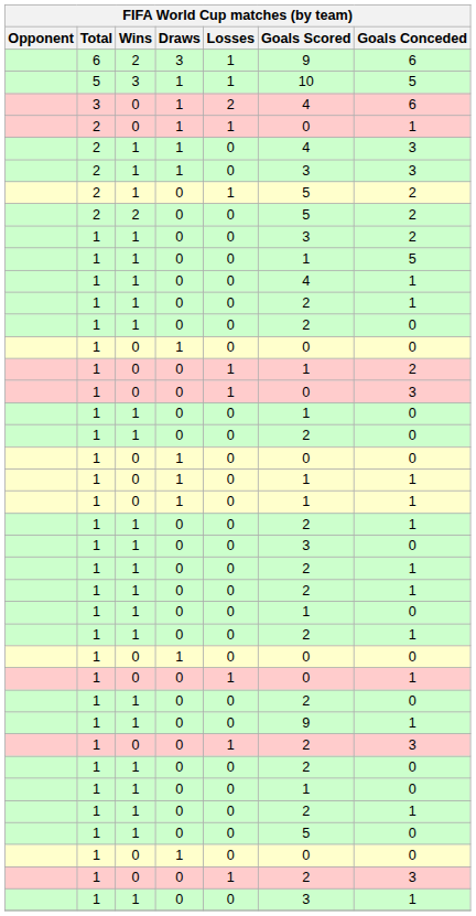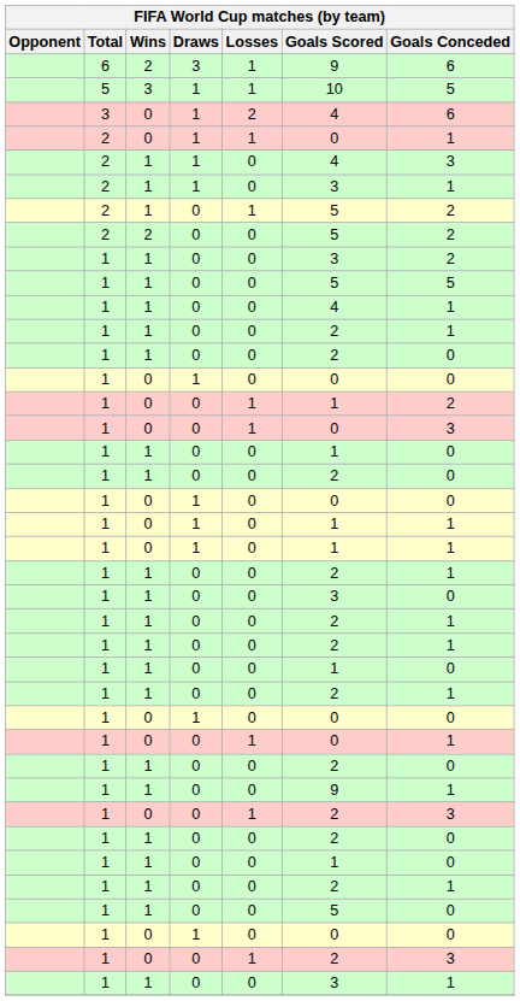 <table class="wikitable sortable" style="text-align: center;">
 <tr>
 <th colspan=7>FIFA World Cup matches (by team)</th>
 </tr>
 <tr>
 <th>Opponent</th>
 <th>Total</th>
 <th>Wins</th>
 <th>Draws</th>
 <th>Losses</th>
 <th>Goals Scored</th>
 <th>Goals Conceded</th>
 </tr>
 <tr bgcolor=#CCFFCC>
 <td align="left"></td>
 <td>6</td>
 <td>2</td>
 <td>3</td>
 <td>1</td>
 <td>9</td>
 <td>6</td>
 </tr>
 <tr bgcolor=#CCFFCC>
 <td align="left"></td>
 <td>5</td>
 <td>3</td>
 <td>1</td>
 <td>1</td>
 <td>10</td>
 <td>5</td>
 </tr>
 <tr bgcolor=#FFCCCC>
 <td align="left"></td>
 <td>3</td>
 <td>0</td>
 <td>1</td>
 <td>2</td>
 <td>4</td>
 <td>6</td>
 </tr>
 <tr bgcolor=#FFCCCC>
 <td align="left"></td>
 <td>2</td>
 <td>0</td>
 <td>1</td>
 <td>1</td>
 <td>0</td>
 <td>1</td>
 </tr>
 <tr bgcolor=#CCFFCC>
 <td align="left"></td>
 <td>2</td>
 <td>1</td>
 <td>1</td>
 <td>0</td>
 <td>4</td>
 <td>3</td>
 </tr>
 <tr bgcolor=#CCFFCC>
 <td align="left"></td>
 <td>2</td>
 <td>1</td>
 <td>1</td>
 <td>0</td>
 <td>3</td>
-<td>3</td>
+<td>1</td>
 </tr>
 <tr bgcolor=#FFFFCC>
 <td align="left"></td>
 <td>2</td>
 <td>1</td>
 <td>0</td>
 <td>1</td>
 <td>5</td>
 <td>2</td>
 </tr>
 <tr bgcolor=#CCFFCC>
 <td align="left"></td>
 <td>2</td>
 <td>2</td>
 <td>0</td>
 <td>0</td>
 <td>5</td>
 <td>2</td>
 </tr>
 <tr bgcolor=#CCFFCC>
 <td align="left"></td>
 <td>1</td>
 <td>1</td>
 <td>0</td>
 <td>0</td>
 <td>3</td>
 <td>2</td>
 </tr>
 <tr bgcolor=#CCFFCC>
 <td align="left"></td>
 <td>1</td>
 <td>1</td>
 <td>0</td>
 <td>0</td>
-<td>1</td>
+<td>5</td>
 <td>5</td>
 </tr>
 <tr bgcolor=#CCFFCC>
 <td align="left"></td>
 <td>1</td>
 <td>1</td>
 <td>0</td>
 <td>0</td>
 <td>4</td>
 <td>1</td>
 </tr>
 <tr bgcolor=#CCFFCC>
 <td align="left"></td>
 <td>1</td>
 <td>1</td>
 <td>0</td>
 <td>0</td>
 <td>2</td>
 <td>1</td>
 </tr>
 <tr bgcolor=#CCFFCC>
 <td align="left"></td>
 <td>1</td>
 <td>1</td>
 <td>0</td>
 <td>0</td>
 <td>2</td>
 <td>0</td>
 </tr>
 <tr bgcolor=#FFFFCC>
 <td align="left"></td>
 <td>1</td>
 <td>0</td>
 <td>1</td>
 <td>0</td>
 <td>0</td>
 <td>0</td>
 </tr>
 <tr bgcolor=#FFCCCC>
 <td align="left"></td>
 <td>1</td>
 <td>0</td>
 <td>0</td>
 <td>1</td>
 <td>1</td>
 <td>2</td>
 </tr>
 <tr bgcolor=#FFCCCC>
 <td align="left"></td>
 <td>1</td>
 <td>0</td>
 <td>0</td>
 <td>1</td>
 <td>0</td>
 <td>3</td>
 </tr>
 <tr bgcolor=#CCFFCC>
 <td align="left"></td>
 <td>1</td>
 <td>1</td>
 <td>0</td>
 <td>0</td>
 <td>1</td>
 <td>0</td>
 </tr>
 <tr bgcolor=#CCFFCC>
 <td align="left"></td>
 <td>1</td>
 <td>1</td>
 <td>0</td>
 <td>0</td>
 <td>2</td>
 <td>0</td>
 </tr>
 <tr bgcolor=#FFFFCC>
 <td align="left"></td>
 <td>1</td>
 <td>0</td>
 <td>1</td>
 <td>0</td>
 <td>0</td>
 <td>0</td>
 </tr>
 <tr bgcolor=#FFFFCC>
 <td align="left"></td>
 <td>1</td>
 <td>0</td>
 <td>1</td>
 <td>0</td>
 <td>1</td>
 <td>1</td>
 </tr>
 <tr bgcolor=#FFFFCC>
 <td align="left"></td>
 <td>1</td>
 <td>0</td>
 <td>1</td>
 <td>0</td>
 <td>1</td>
 <td>1</td>
 </tr>
 <tr bgcolor=#CCFFCC>
 <td align="left"></td>
 <td>1</td>
 <td>1</td>
 <td>0</td>
 <td>0</td>
 <td>2</td>
 <td>1</td>
 </tr>
 <tr bgcolor=#CCFFCC>
 <td align="left"></td>
 <td>1</td>
 <td>1</td>
 <td>0</td>
 <td>0</td>
 <td>3</td>
 <td>0</td>
 </tr>
 <tr bgcolor=#CCFFCC>
 <td align="left"></td>
 <td>1</td>
 <td>1</td>
 <td>0</td>
 <td>0</td>
 <td>2</td>
 <td>1</td>
 </tr>
 <tr bgcolor=#CCFFCC>
 <td align="left"></td>
 <td>1</td>
 <td>1</td>
 <td>0</td>
 <td>0</td>
 <td>2</td>
 <td>1</td>
 </tr>
 <tr bgcolor=#CCFFCC>
 <td align="left"></td>
 <td>1</td>
 <td>1</td>
 <td>0</td>
 <td>0</td>
 <td>1</td>
 <td>0</td>
 </tr>
 <tr bgcolor=#CCFFCC>
 <td align="left"></td>
 <td>1</td>
 <td>1</td>
 <td>0</td>
 <td>0</td>
 <td>2</td>
 <td>1</td>
 </tr>
 <tr bgcolor=#FFFFCC>
 <td align="left"></td>
 <td>1</td>
 <td>0</td>
 <td>1</td>
 <td>0</td>
 <td>0</td>
 <td>0</td>
 </tr>
 <tr bgcolor=#FFCCCC>
 <td align="left"></td>
 <td>1</td>
 <td>0</td>
 <td>0</td>
 <td>1</td>
 <td>0</td>
 <td>1</td>
 </tr>
 <tr bgcolor=#CCFFCC>
 <td align="left"></td>
 <td>1</td>
 <td>1</td>
 <td>0</td>
 <td>0</td>
 <td>2</td>
 <td>0</td>
 </tr>
 <tr bgcolor=#CCFFCC>
 <td align="left"></td>
 <td>1</td>
 <td>1</td>
 <td>0</td>
 <td>0</td>
 <td>9</td>
 <td>1</td>
 </tr>
 <tr bgcolor=#FFCCCC>
 <td align="left"></td>
 <td>1</td>
 <td>0</td>
 <td>0</td>
 <td>1</td>
 <td>2</td>
 <td>3</td>
 </tr>
 <tr bgcolor=#CCFFCC>
 <td align="left"></td>
 <td>1</td>
 <td>1</td>
 <td>0</td>
 <td>0</td>
 <td>2</td>
 <td>0</td>
 </tr>
 <tr bgcolor=#CCFFCC>
 <td align="left"></td>
 <td>1</td>
 <td>1</td>
 <td>0</td>
 <td>0</td>
 <td>1</td>
 <td>0</td>
 </tr>
 <tr bgcolor=#CCFFCC>
 <td align="left"></td>
 <td>1</td>
 <td>1</td>
 <td>0</td>
 <td>0</td>
 <td>2</td>
 <td>1</td>
 </tr>
 <tr bgcolor=#CCFFCC>
 <td align="left"></td>
 <td>1</td>
 <td>1</td>
 <td>0</td>
 <td>0</td>
 <td>5</td>
 <td>0</td>
 </tr>
 <tr bgcolor=#FFFFCC>
 <td align="left"></td>
 <td>1</td>
 <td>0</td>
 <td>1</td>
 <td>0</td>
 <td>0</td>
 <td>0</td>
 </tr>
 <tr bgcolor=#FFCCCC>
 <td align="left"></td>
 <td>1</td>
 <td>0</td>
 <td>0</td>
 <td>1</td>
 <td>2</td>
 <td>3</td>
 </tr>
 <tr bgcolor=#CCFFCC>
 <td align="left"></td>
 <td>1</td>
 <td>1</td>
 <td>0</td>
 <td>0</td>
 <td>3</td>
 <td>1</td>
 </tr>
 <tr>
 </tr>
 </table>
